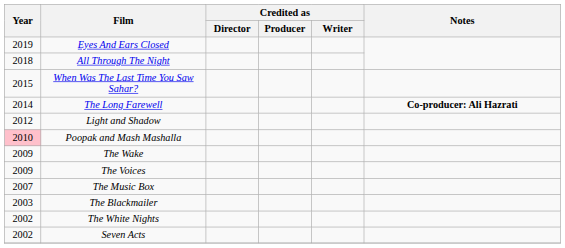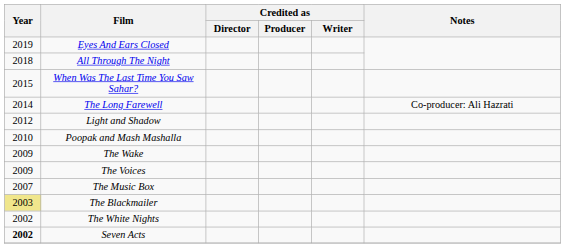 <table class="wikitable" style="text-align:center;font-size:100%;">
 <tr>
 <th rowspan="2" style="width:50px;">Year</th>
 <th rowspan="2" style="width:250px;">Film</th>
 <th colspan="3">Credited as</th>
 <th rowspan="2" style="width:300px;">Notes</th>
 </tr>
 <tr>
 <th width=75>Director</th>
 <th width=75>Producer</th>
 <th width=75>Writer</th>
 </tr>
 <tr>
 <td>2019</td>
 <td><em><a href='#'>Eyes And Ears Closed</a></em></td>
 <td></td>
 <td></td>
 <td></td>
 </tr>
 <tr>
 <td>2018</td>
 <td><em><a href='#'>All Through The Night</a></em></td>
 <td></td>
 <td></td>
 <td></td>
 </tr>
 <tr>
 <td>2015</td>
 <td><em><a href='#'>When Was The Last Time You Saw Sahar?</a></em></td>
 <td></td>
 <td></td>
 <td></td>
 <td></td>
 </tr>
 <tr>
 <td>2014</td>
 <td><em><a href='#'>The Long Farewell</a></em></td>
 <td></td>
 <td></td>
 <td></td>
-<td><strong>Co-producer: Ali Hazrati</strong></td>
+<td>Co-producer: Ali Hazrati</td>
 </tr>
 <tr>
 <td>2012</td>
 <td><em>Light and Shadow</em></td>
 <td></td>
 <td></td>
 <td></td>
 <td></td>
 </tr>
 <tr>
-<td style="background: pink;">2010</td>
+<td>2010</td>
 <td><em>Poopak and Mash Mashalla</em></td>
 <td></td>
 <td></td>
 <td></td>
 <td></td>
 </tr>
 <tr>
 <td>2009</td>
 <td><em>The Wake</em></td>
 <td></td>
 <td></td>
 <td></td>
 <td></td>
 </tr>
 <tr>
 <td>2009</td>
 <td><em>The Voices</em></td>
 <td></td>
 <td></td>
 <td></td>
 <td></td>
 </tr>
 <tr>
 <td>2007</td>
 <td><em>The Music Box</em></td>
 <td></td>
 <td></td>
 <td></td>
 <td></td>
 </tr>
 <tr>
-<td>2003</td>
+<td style="background: khaki;">2003</td>
 <td><em>The Blackmailer</em></td>
 <td></td>
 <td></td>
 <td></td>
 <td></td>
 </tr>
 <tr>
 <td>2002</td>
 <td><em>The White Nights</em></td>
 <td></td>
 <td></td>
 <td></td>
 <td></td>
 </tr>
 <tr>
-<td>2002</td>
+<td><strong>2002</strong></td>
 <td><em>Seven Acts</em></td>
 <td></td>
 <td></td>
 <td></td>
 <td></td>
 </tr>
 <tr>
 </tr>
 </table>
